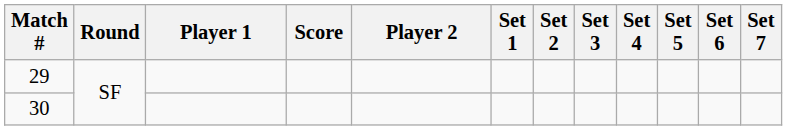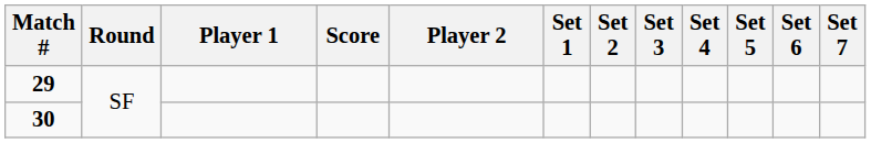 <table class="wikitable">
 <tr>
 <th width="2%">Match #</th>
 <th width="2%">Round</th>
 <th width="15%">Player 1</th>
 <th width="5%">Score</th>
 <th width="15%">Player 2</th>
 <th width="3%">Set 1</th>
 <th width="3%">Set 2</th>
 <th width="3%">Set 3</th>
 <th width="3%">Set 4</th>
 <th width="3%">Set 5</th>
 <th width="3%">Set 6</th>
 <th width="3%">Set 7</th>
 </tr>
 <tr style=text-align:center;>
-<td>29</td>
+<td><strong>29</strong></td>
 <td rowspan=2>SF</td>
 <td></td>
 <td></td>
 <td></td>
 <td></td>
 <td></td>
 <td></td>
 <td></td>
 <td></td>
 <td></td>
 <td></td>
 </tr>
 <tr style=text-align:center;>
-<td>30</td>
+<td><strong>30</strong></td>
 <td></td>
 <td></td>
 <td></td>
 <td></td>
 <td></td>
 <td></td>
 <td></td>
 <td></td>
 <td></td>
 <td></td>
 </tr>
 </table>
